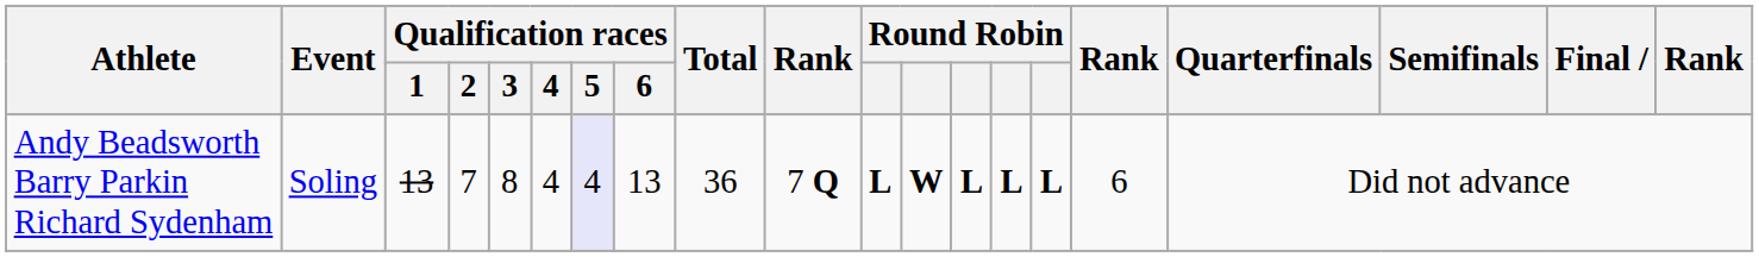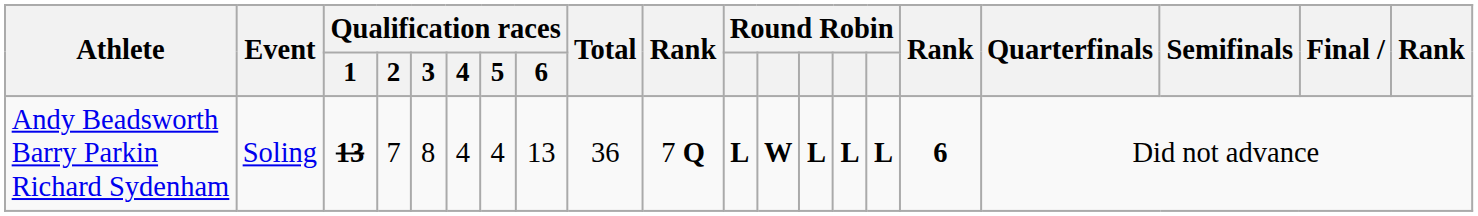 <table class="wikitable" style="font-size:90%">
 <tr>
 <th rowspan="2">Athlete</th>
 <th rowspan="2">Event</th>
 <th colspan="6">Qualification races</th>
 <th rowspan="2">Total</th>
 <th rowspan="2">Rank</th>
 <th colspan="5">Round Robin</th>
 <th rowspan="2">Rank</th>
 <th rowspan="2">Quarterfinals</th>
 <th rowspan="2">Semifinals</th>
 <th rowspan="2">Final / </th>
 <th rowspan="2">Rank</th>
 </tr>
 <tr style="vertical-align:bottom; font-size:95%">
 <th>1</th>
 <th>2</th>
 <th>3</th>
 <th>4</th>
 <th>5</th>
 <th>6</th>
 <th></th>
 <th></th>
 <th></th>
 <th></th>
 <th></th>
 </tr>
 <tr align=center>
 <td align=left><a href='#'>Andy Beadsworth</a><br><a href='#'>Barry Parkin</a><br><a href='#'>Richard Sydenham</a></td>
 <td align=left><a href='#'>Soling</a></td>
-<td><s>13</s></td>
+<td><strong><s>13</s></strong></td>
 <td>7</td>
 <td>8</td>
 <td>4</td>
-<td style="background: lavender;">4</td>
+<td>4</td>
 <td>13</td>
 <td>36</td>
 <td>7 <strong>Q</strong></td>
 <td><strong>L</strong></td>
 <td><strong>W</strong></td>
 <td><strong>L</strong></td>
 <td><strong>L</strong></td>
 <td><strong>L</strong></td>
-<td>6</td>
+<td><strong>6</strong></td>
 <td colspan=6>Did not advance</td>
 </tr>
 </table>
